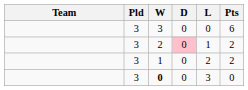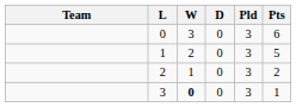 <table class=wikitable style="text-align:center">
 <tr>
 <th width=180>Team</th>
-<th width=30>Pld</th>
+<th width=30>L</th>
 <th width=30>W</th>
 <th width=30>D</th>
-<th width=30>L</th>
+<th width=30>Pld</th>
 <th width=30>Pts</th>
 </tr>
 <tr>
 <td style="text-align:left"></td>
-<td>3</td>
+<td>0</td>
 <td>3</td>
 <td>0</td>
-<td>0</td>
+<td>3</td>
 <td>6</td>
 </tr>
 <tr>
 <td style="text-align:left"></td>
-<td>3</td>
-<td>2</td>
-<td style="background: pink;">0</td>
 <td>1</td>
 <td>2</td>
+<td>0</td>
+<td>3</td>
+<td>5</td>
 </tr>
 <tr>
 <td style="text-align:left"></td>
-<td>3</td>
+<td>2</td>
 <td>1</td>
 <td>0</td>
-<td>2</td>
+<td>3</td>
 <td>2</td>
 </tr>
 <tr>
 <td style="text-align:left"></td>
 <td>3</td>
 <td><strong>0</strong></td>
 <td>0</td>
 <td>3</td>
-<td>0</td>
+<td>1</td>
 </tr>
 </table>
